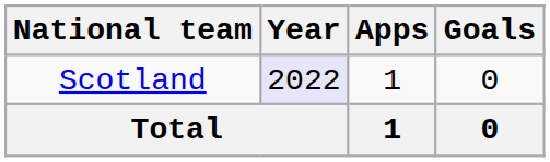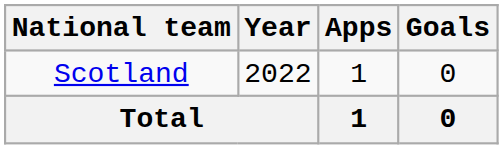 <table class="wikitable" style="text-align: center;">
 <tr>
 <th>National team</th>
 <th>Year</th>
 <th>Apps</th>
 <th>Goals</th>
 </tr>
 <tr>
 <td><a href='#'>Scotland</a></td>
-<td style="background: lavender;">2022</td>
+<td>2022</td>
 <td>1</td>
 <td>0</td>
 </tr>
 <tr>
 <th colspan="2">Total</th>
 <th>1</th>
 <th>0</th>
 </tr>
 </table>
